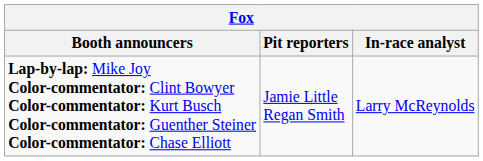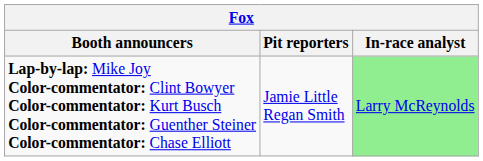 <table class="wikitable" style="font-size: 95%">
 <tr>
 <th colspan="3"><a href='#'>Fox</a></th>
 </tr>
 <tr>
 <th>Booth announcers</th>
 <th>Pit reporters</th>
 <th>In-race analyst</th>
 </tr>
 <tr>
 <td><strong>Lap-by-lap:</strong> <a href='#'>Mike Joy</a><br><strong>Color-commentator:</strong> <a href='#'>Clint Bowyer</a><br><strong>Color-commentator:</strong> <a href='#'>Kurt Busch</a><br><strong>Color-commentator:</strong> <a href='#'>Guenther Steiner</a><br><strong>Color-commentator:</strong> <a href='#'>Chase Elliott</a></td>
 <td><a href='#'>Jamie Little</a><br><a href='#'>Regan Smith</a></td>
-<td><a href='#'>Larry McReynolds</a></td>
+<td style="background: lightgreen;"><a href='#'>Larry McReynolds</a></td>
 </tr>
 </table>
